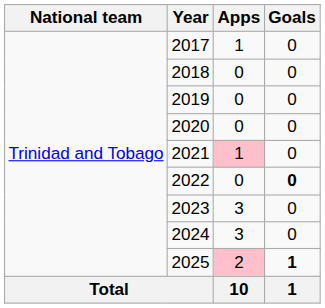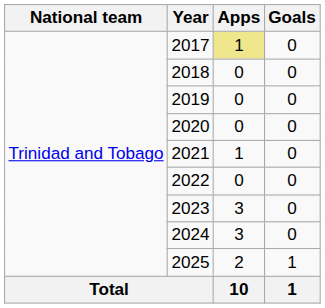 <table class="wikitable" style="text-align: center;">
 <tr>
 <th>National team</th>
 <th>Year</th>
 <th>Apps</th>
 <th>Goals</th>
 </tr>
 <tr>
 <td rowspan="9"><a href='#'>Trinidad and Tobago</a></td>
 <td>2017</td>
-<td>1</td>
+<td style="background: khaki;">1</td>
 <td>0</td>
 </tr>
 <tr>
 <td>2018</td>
 <td>0</td>
 <td>0</td>
 </tr>
 <tr>
 <td>2019</td>
 <td>0</td>
 <td>0</td>
 </tr>
 <tr>
 <td>2020</td>
 <td>0</td>
 <td>0</td>
 </tr>
 <tr>
 <td>2021</td>
-<td style="background: pink;">1</td>
+<td>1</td>
 <td>0</td>
 </tr>
 <tr>
 <td>2022</td>
 <td>0</td>
-<td><strong>0</strong></td>
+<td>0</td>
 </tr>
 <tr>
 <td>2023</td>
 <td>3</td>
 <td>0</td>
 </tr>
 <tr>
 <td>2024</td>
 <td>3</td>
 <td>0</td>
 </tr>
 <tr>
 <td>2025</td>
-<td style="background: pink;">2</td>
-<td><strong>1</strong></td>
+<td>2</td>
+<td>1</td>
 </tr>
 <tr>
 <th colspan="2">Total</th>
 <th>10</th>
 <th>1</th>
 </tr>
 </table>
